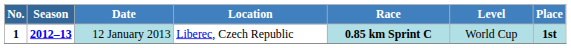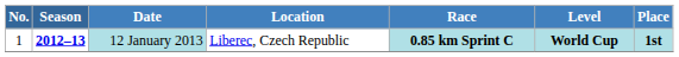 <table class="wikitable sortable" style="font-size:95%; text-align:center; border:grey solid 1px; border-collapse:collapse; background:#ffffff;">
 <tr style="background:#efefef;">
 <th style="background-color:#369; color:white;">No.</th>
 <th style="background-color:#369; color:white;">Season</th>
 <th style="background-color:#4180be; color:white; width:120px;">Date</th>
 <th style="background-color:#4180be; color:white; width:190px;">Location</th>
 <th style="background-color:#4180be; color:white; width:150px;">Race</th>
 <th style="background-color:#4180be; color:white; width:100px;">Level</th>
 <th style="background-color:#4180be; color:white;">Place</th>
 </tr>
 <tr>
-<td align=center><strong>1</strong></td>
+<td align=center>1</td>
 <td rowspan=1 align=center><strong><a href='#'>2012–13</a></strong></td>
 <td bgcolor="#BOEOE6" align=right>12 January 2013</td>
 <td align=left> <a href='#'>Liberec</a>, Czech Republic</td>
 <td bgcolor="#BOEOE6"><strong>0.85 km Sprint C</strong></td>
-<td bgcolor="#BOEOE6">World Cup</td>
+<td bgcolor="#BOEOE6"><strong>World Cup</strong></td>
 <td bgcolor="#BOEOE6"><strong>1st</strong></td>
 </tr>
 <tr>
 </tr>
 </table>
